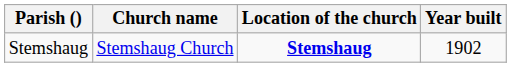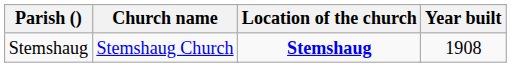 <table class="wikitable" style="text-align:center">
 <tr>
 <th>Parish ()</th>
 <th>Church name</th>
 <th>Location of the church</th>
 <th>Year built</th>
 </tr>
 <tr>
 <td rowspan="1">Stemshaug</td>
 <td><a href='#'>Stemshaug Church</a></td>
 <td><strong><a href='#'>Stemshaug</a></strong></td>
-<td>1902</td>
+<td>1908</td>
 </tr>
 </table>
